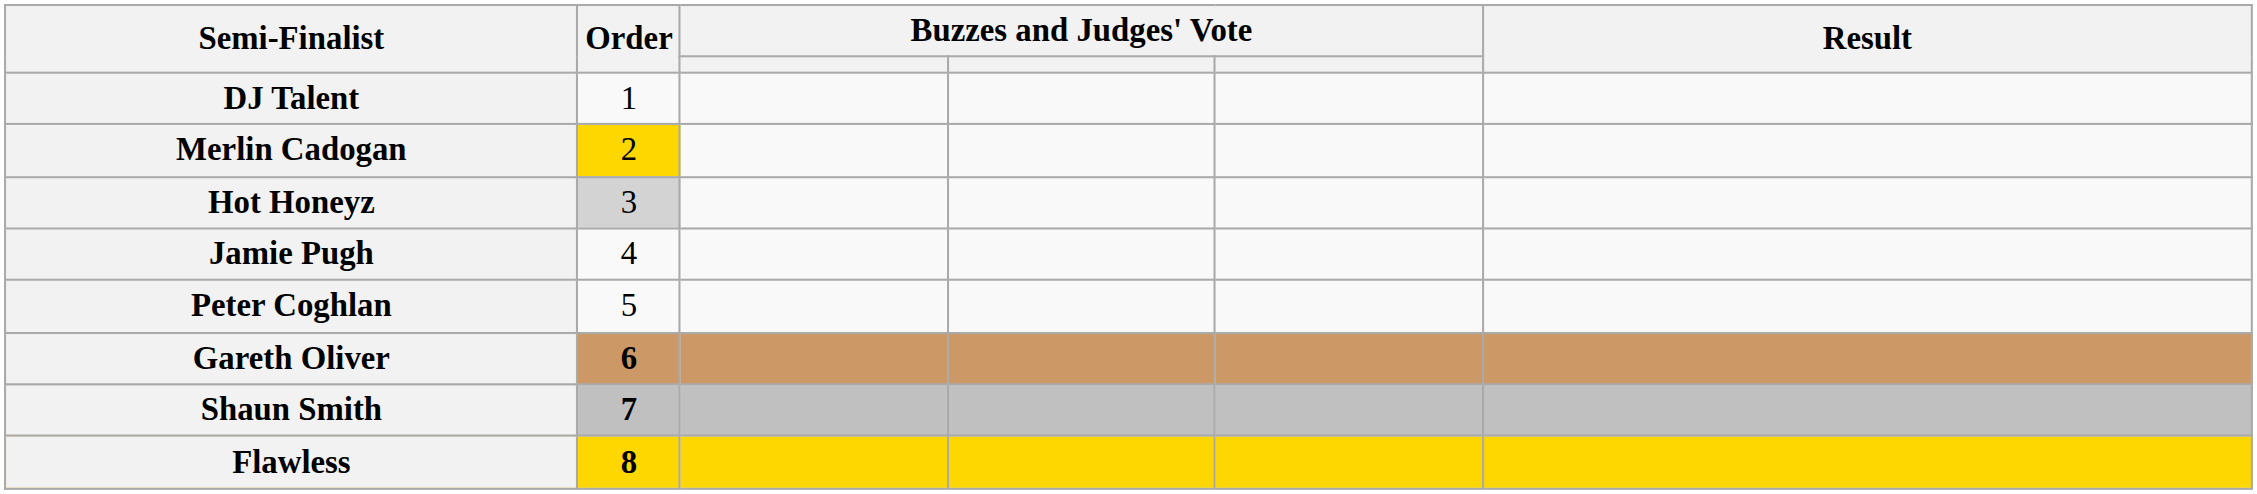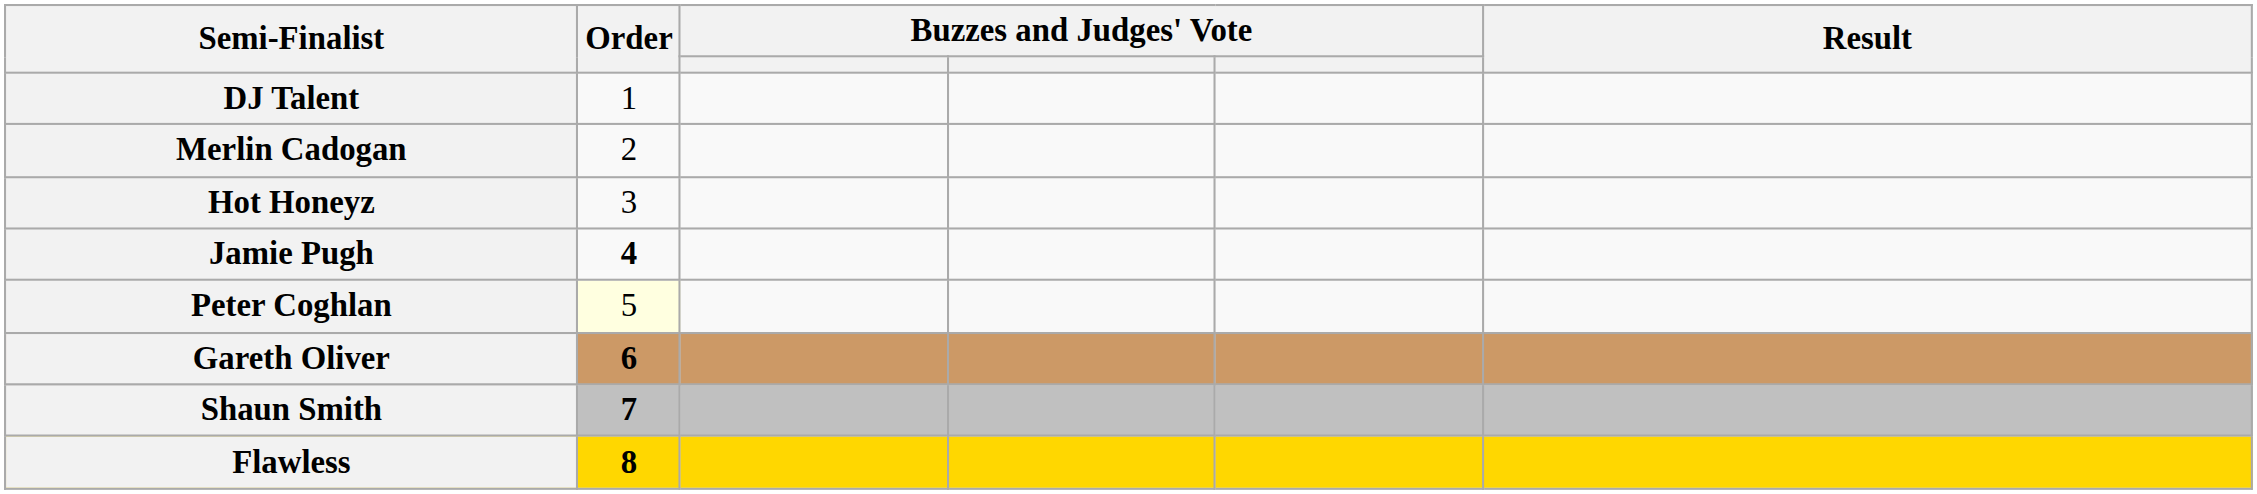 <table class="wikitable plainrowheaders sortable" style="text-align:center;">
 <tr>
 <th scope="col" rowspan=2 class="unsortable" style="width:17em;">Semi-Finalist</th>
 <th scope="col" rowspan=2 style="width:1em;">Order</th>
 <th scope="col" colspan=3 class="unsortable" style="width:24em;">Buzzes and Judges' Vote</th>
 <th scope="col" rowspan=2 style="width:23em;">Result </th>
 </tr>
 <tr>
 <th scope="col" class="unsortable" style="width:6em;"></th>
 <th scope="col" class="unsortable" style="width:6em;"></th>
 <th scope="col" class="unsortable" style="width:6em;"></th>
 </tr>
 <tr>
 <th scope="row">DJ Talent</th>
 <td>1</td>
 <td style="text-align:center;"></td>
 <td style="text-align:center;"></td>
 <td style="text-align:center;"></td>
 <td></td>
 </tr>
 <tr>
 <th scope="row">Merlin Cadogan</th>
-<td style="background: gold;">2</td>
+<td>2</td>
 <td style="text-align:center;"></td>
 <td style="text-align:center;"></td>
 <td style="text-align:center;"></td>
 <td></td>
 </tr>
 <tr>
 <th scope="row">Hot Honeyz</th>
-<td style="background: lightgrey;">3</td>
+<td>3</td>
 <td style="text-align:center;"></td>
 <td style="text-align:center;"></td>
 <td style="text-align:center;"></td>
 <td></td>
 </tr>
 <tr>
 <th scope="row">Jamie Pugh</th>
-<td>4</td>
+<td><strong>4</strong></td>
 <td style="text-align:center;"></td>
 <td style="text-align:center;"></td>
 <td style="text-align:center;"></td>
 <td></td>
 </tr>
 <tr>
 <th scope="row">Peter Coghlan</th>
-<td>5</td>
+<td style="background: lightyellow;">5</td>
 <td style="text-align:center;"></td>
 <td style="text-align:center;"></td>
 <td style="text-align:center;"></td>
 <td></td>
 </tr>
 <tr bgcolor=#c96>
 <th scope="row"><strong>Gareth Oliver</strong></th>
 <td><strong>6</strong></td>
 <td style="text-align:center;"></td>
 <td style="text-align:center;"></td>
 <td style="text-align:center;"></td>
 <td><strong></strong></td>
 </tr>
 <tr bgcolor=silver>
 <th scope="row"><strong>Shaun Smith</strong></th>
 <td><strong>7</strong></td>
 <td style="text-align:center;"></td>
 <td style="text-align:center;"></td>
 <td style="text-align:center;"></td>
 <td><strong></strong></td>
 </tr>
 <tr bgcolor=gold>
 <th scope="row"><strong>Flawless</strong></th>
 <td><strong>8</strong></td>
 <td style="text-align:center;"></td>
 <td style="text-align:center;"></td>
 <td style="text-align:center;"></td>
 <td><strong></strong></td>
 </tr>
 </table>
